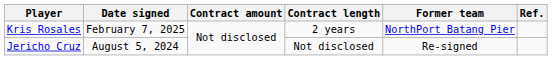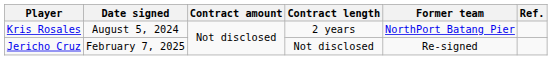 <table class="wikitable sortable sortable">
 <tr>
 <th>Player</th>
 <th>Date signed</th>
 <th>Contract amount</th>
 <th>Contract length</th>
 <th>Former team</th>
 <th>Ref.</th>
 </tr>
 <tr>
 <td align=center><a href='#'>Kris Rosales</a></td>
-<td align=center>February 7, 2025</td>
+<td align=center>August 5, 2024</td>
 <td align=center rowspan=2>Not disclosed</td>
 <td align=center>2 years</td>
 <td align=center><a href='#'>NorthPort Batang Pier</a></td>
 <td align=center></td>
 </tr>
 <tr>
 <td align=center><a href='#'>Jericho Cruz</a></td>
-<td align=center>August 5, 2024</td>
+<td align=center>February 7, 2025</td>
 <td align=center>Not disclosed</td>
 <td align=center>Re-signed</td>
 <td align=center></td>
 </tr>
 </table>
